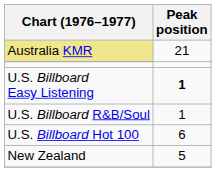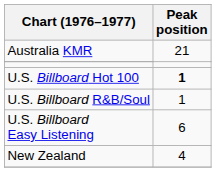 <table class="wikitable sortable">
 <tr>
 <th>Chart (1976–1977)</th>
 <th>Peak<br>position</th>
 </tr>
 <tr>
-<td style="background: khaki;">Australia <a href='#'>KMR</a></td>
+<td>Australia <a href='#'>KMR</a></td>
 <td style="text-align:center;">21</td>
 </tr>
 <tr>
 </tr>
 <tr>
 </tr>
 <tr>
 <td></td>
 </tr>
 <tr>
-<td>U.S. <em>Billboard</em> <br><a href='#'>Easy Listening</a></td>
+<td>U.S. <a href='#'><em>Billboard</em> Hot 100</a></td>
 <td style="text-align:center;"><strong>1</strong></td>
 </tr>
 <tr>
 <td>U.S. <em>Billboard</em> <a href='#'>R&B/Soul</a></td>
 <td style="text-align:center;">1</td>
 </tr>
 <tr>
-<td>U.S. <a href='#'><em>Billboard</em> Hot 100</a></td>
+<td>U.S. <em>Billboard</em> <br><a href='#'>Easy Listening</a></td>
 <td style="text-align:center;">6</td>
 </tr>
 <tr>
 <td>New Zealand</td>
-<td style="text-align:center;">5</td>
+<td style="text-align:center;">4</td>
 </tr>
 <tr>
 </tr>
 </table>
